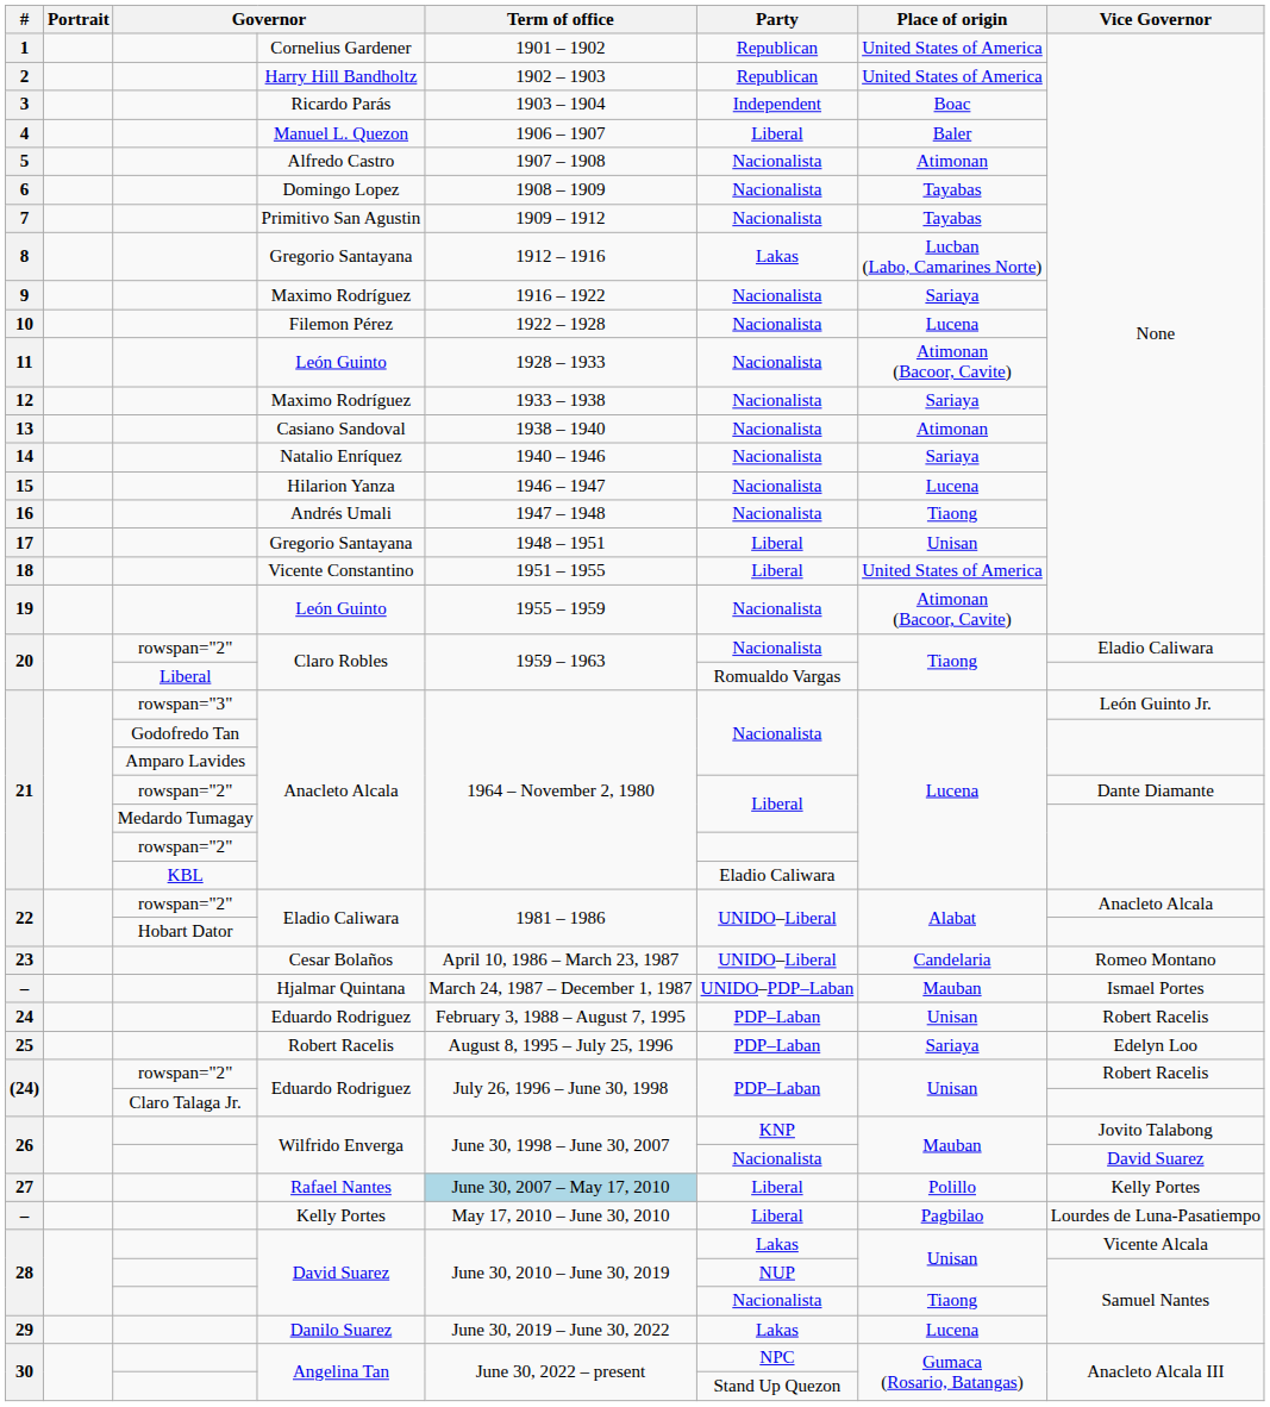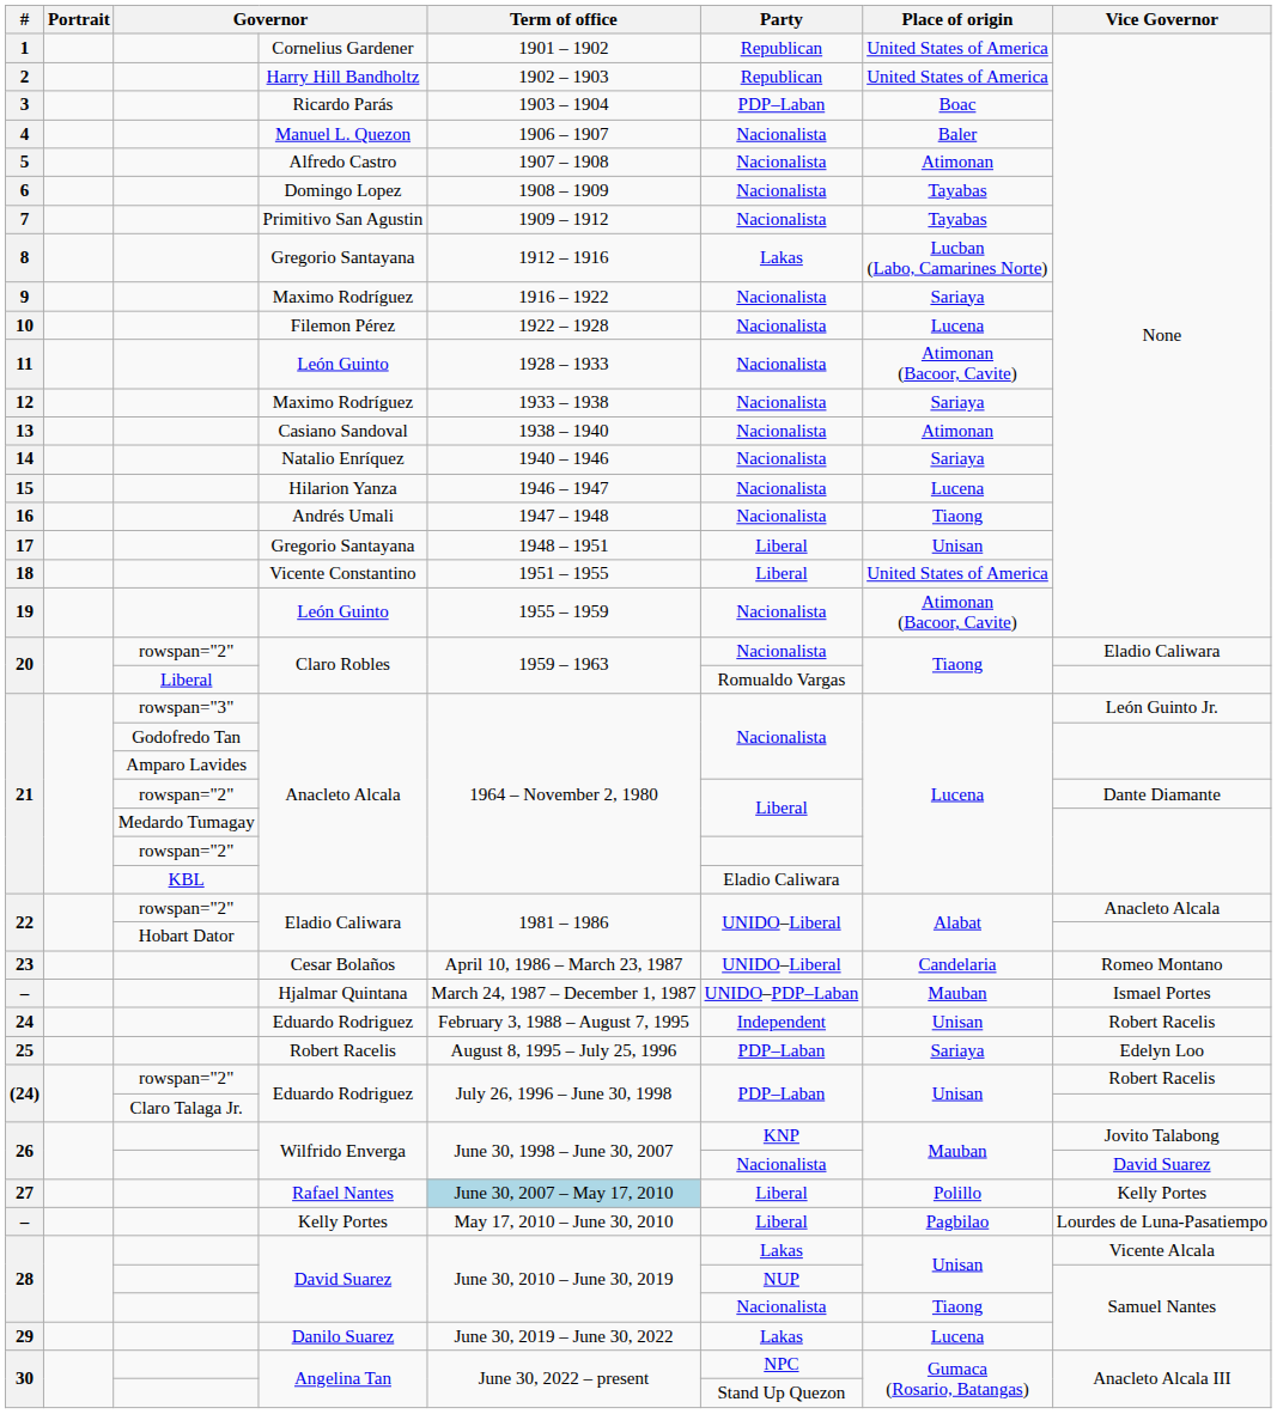 <table class="wikitable" style="text-align: center;">
 <tr>
 <th>#</th>
 <th>Portrait</th>
 <th colspan="2" style="width:110px;">Governor</th>
 <th>Term of office</th>
 <th>Party</th>
 <th>Place of origin</th>
 <th>Vice Governor</th>
 </tr>
 <tr>
 <th>1</th>
 <td></td>
 <td></td>
 <td>Cornelius Gardener</td>
 <td>1901 – 1902</td>
 <td><a href='#'>Republican</a></td>
 <td><a href='#'>United States of America</a></td>
 <td rowspan="19">None</td>
 </tr>
 <tr>
 <th>2</th>
 <td></td>
 <td></td>
 <td><a href='#'>Harry Hill Bandholtz</a></td>
 <td>1902 – 1903</td>
 <td><a href='#'>Republican</a></td>
 <td><a href='#'>United States of America</a></td>
 </tr>
 <tr>
 <th>3</th>
 <td></td>
 <td></td>
 <td>Ricardo Parás</td>
 <td>1903 – 1904</td>
-<td><a href='#'>Independent</a></td>
+<td><a href='#'>PDP–Laban</a></td>
 <td><a href='#'>Boac</a></td>
 </tr>
 <tr>
 <th>4</th>
 <td></td>
 <td></td>
 <td><a href='#'>Manuel L. Quezon</a></td>
 <td>1906 – 1907</td>
-<td><a href='#'>Liberal</a></td>
+<td><a href='#'>Nacionalista</a></td>
 <td><a href='#'>Baler</a></td>
 </tr>
 <tr>
 <th>5</th>
 <td></td>
 <td></td>
 <td>Alfredo Castro</td>
 <td>1907 – 1908</td>
 <td><a href='#'>Nacionalista</a></td>
 <td><a href='#'>Atimonan</a></td>
 </tr>
 <tr>
 <th>6</th>
 <td></td>
 <td></td>
 <td>Domingo Lopez</td>
 <td>1908 – 1909</td>
 <td><a href='#'>Nacionalista</a></td>
 <td><a href='#'>Tayabas</a></td>
 </tr>
 <tr>
 <th>7</th>
 <td></td>
 <td></td>
 <td>Primitivo San Agustin</td>
 <td>1909 – 1912</td>
 <td><a href='#'>Nacionalista</a></td>
 <td><a href='#'>Tayabas</a></td>
 </tr>
 <tr>
 <th>8</th>
 <td></td>
 <td></td>
 <td>Gregorio Santayana</td>
 <td>1912 – 1916</td>
 <td><a href='#'>Lakas</a></td>
 <td><a href='#'>Lucban</a><br> (<a href='#'>Labo, Camarines Norte</a>)</td>
 </tr>
 <tr>
 <th>9</th>
 <td></td>
 <td></td>
 <td>Maximo Rodríguez</td>
 <td>1916 – 1922</td>
 <td><a href='#'>Nacionalista</a></td>
 <td><a href='#'>Sariaya</a></td>
 </tr>
 <tr>
 <th>10</th>
 <td></td>
 <td></td>
 <td>Filemon Pérez</td>
 <td>1922 – 1928</td>
 <td><a href='#'>Nacionalista</a></td>
 <td><a href='#'>Lucena</a></td>
 </tr>
 <tr>
 <th>11</th>
 <td></td>
 <td></td>
 <td><a href='#'>León Guinto</a></td>
 <td>1928 – 1933</td>
 <td><a href='#'>Nacionalista</a></td>
 <td><a href='#'>Atimonan</a><br> (<a href='#'>Bacoor, Cavite</a>)</td>
 </tr>
 <tr>
 <th>12</th>
 <td></td>
 <td></td>
 <td>Maximo Rodríguez</td>
 <td>1933 – 1938</td>
 <td><a href='#'>Nacionalista</a></td>
 <td><a href='#'>Sariaya</a></td>
 </tr>
 <tr>
 <th>13</th>
 <td></td>
 <td></td>
 <td>Casiano Sandoval</td>
 <td>1938 – 1940</td>
 <td><a href='#'>Nacionalista</a></td>
 <td><a href='#'>Atimonan</a></td>
 </tr>
 <tr>
 <th>14</th>
 <td></td>
 <td></td>
 <td>Natalio Enríquez</td>
 <td>1940 – 1946</td>
 <td><a href='#'>Nacionalista</a></td>
 <td><a href='#'>Sariaya</a></td>
 </tr>
 <tr>
 <th>15</th>
 <td></td>
 <td></td>
 <td>Hilarion Yanza</td>
 <td>1946 – 1947</td>
 <td><a href='#'>Nacionalista</a></td>
 <td><a href='#'>Lucena</a></td>
 </tr>
 <tr>
 <th>16</th>
 <td></td>
 <td></td>
 <td>Andrés Umali</td>
 <td>1947 – 1948</td>
 <td><a href='#'>Nacionalista</a></td>
 <td><a href='#'>Tiaong</a></td>
 </tr>
 <tr>
 <th>17</th>
 <td></td>
 <td></td>
 <td>Gregorio Santayana</td>
 <td>1948 – 1951</td>
 <td><a href='#'>Liberal</a></td>
 <td><a href='#'>Unisan</a></td>
 </tr>
 <tr>
 <th>18</th>
 <td></td>
 <td></td>
 <td>Vicente Constantino</td>
 <td>1951 – 1955</td>
 <td><a href='#'>Liberal</a></td>
 <td><a href='#'>United States of America</a></td>
 </tr>
 <tr>
 <th>19</th>
 <td></td>
 <td></td>
 <td><a href='#'>León Guinto</a></td>
 <td>1955 – 1959</td>
 <td><a href='#'>Nacionalista</a></td>
 <td><a href='#'>Atimonan</a> <br> (<a href='#'>Bacoor, Cavite</a>)</td>
 </tr>
 <tr>
 <th rowspan="2">20</th>
 <td rowspan="2"></td>
 <td>rowspan="2" </td>
 <td rowspan="2">Claro Robles</td>
 <td rowspan="2">1959 – 1963</td>
 <td><a href='#'>Nacionalista</a></td>
 <td rowspan="2"><a href='#'>Tiaong</a></td>
 <td>Eladio Caliwara</td>
 </tr>
 <tr>
 <td><a href='#'>Liberal</a></td>
 <td>Romualdo Vargas</td>
 </tr>
 <tr>
 <th rowspan="7">21</th>
 <td rowspan="7"></td>
 <td>rowspan="3" </td>
 <td rowspan="7">Anacleto Alcala</td>
 <td rowspan="7">1964 – November 2, 1980</td>
 <td rowspan="3"><a href='#'>Nacionalista</a></td>
 <td rowspan="7"><a href='#'>Lucena</a></td>
 <td>León Guinto Jr.</td>
 </tr>
 <tr>
 <td>Godofredo Tan</td>
 </tr>
 <tr>
 <td>Amparo Lavides</td>
 </tr>
 <tr>
 <td>rowspan="2" </td>
 <td rowspan="2"><a href='#'>Liberal</a></td>
 <td>Dante Diamante</td>
 </tr>
 <tr>
 <td>Medardo Tumagay</td>
 </tr>
 <tr>
 <td>rowspan="2" </td>
 </tr>
 <tr>
 <td rowspan="1"><a href='#'>KBL</a></td>
 <td>Eladio Caliwara</td>
 </tr>
 <tr>
 <th rowspan="2">22</th>
 <td rowspan="2"></td>
 <td>rowspan="2" </td>
 <td rowspan="2">Eladio Caliwara</td>
 <td rowspan="2">1981 – 1986</td>
 <td rowspan="2"><a href='#'>UNIDO</a>–<a href='#'>Liberal</a></td>
 <td rowspan="2"><a href='#'>Alabat</a></td>
 <td>Anacleto Alcala</td>
 </tr>
 <tr>
 <td>Hobart Dator</td>
 </tr>
 <tr>
 <th>23</th>
 <td></td>
 <td></td>
 <td>Cesar Bolaños</td>
 <td>April 10, 1986 – March 23, 1987</td>
 <td><a href='#'>UNIDO</a>–<a href='#'>Liberal</a></td>
 <td><a href='#'>Candelaria</a></td>
 <td>Romeo Montano</td>
 </tr>
 <tr>
 <th>–</th>
 <td></td>
 <td></td>
 <td>Hjalmar Quintana</td>
 <td>March 24, 1987 – December 1, 1987</td>
 <td><a href='#'>UNIDO</a>–<a href='#'>PDP–Laban</a></td>
 <td><a href='#'>Mauban</a></td>
 <td>Ismael Portes</td>
 </tr>
 <tr>
 <th>24</th>
 <td></td>
 <td></td>
 <td>Eduardo Rodriguez</td>
 <td>February 3, 1988 – August 7, 1995</td>
-<td><a href='#'>PDP–Laban</a></td>
+<td><a href='#'>Independent</a></td>
 <td><a href='#'>Unisan</a></td>
 <td>Robert Racelis</td>
 </tr>
 <tr>
 <th>25</th>
 <td></td>
 <td></td>
 <td>Robert Racelis</td>
 <td>August 8, 1995 – July 25, 1996</td>
 <td><a href='#'>PDP–Laban</a></td>
 <td><a href='#'>Sariaya</a></td>
 <td>Edelyn Loo</td>
 </tr>
 <tr>
 <th rowspan="2">(24)</th>
 <td rowspan="2"></td>
 <td>rowspan="2" </td>
 <td rowspan="2">Eduardo Rodriguez</td>
 <td rowspan="2">July 26, 1996 – June 30, 1998</td>
 <td rowspan="2"><a href='#'>PDP–Laban</a></td>
 <td rowspan="2"><a href='#'>Unisan</a></td>
 <td>Robert Racelis</td>
 </tr>
 <tr>
 <td>Claro Talaga Jr.</td>
 </tr>
 <tr>
 <th rowspan="2">26</th>
 <td rowspan="2"></td>
 <td></td>
 <td rowspan="2">Wilfrido Enverga</td>
 <td rowspan="2">June 30, 1998 – June 30, 2007</td>
 <td><a href='#'>KNP</a></td>
 <td rowspan="2"><a href='#'>Mauban</a></td>
 <td>Jovito Talabong</td>
 </tr>
 <tr>
 <td></td>
 <td><a href='#'>Nacionalista</a></td>
 <td><a href='#'>David Suarez</a></td>
 </tr>
 <tr>
 <th>27</th>
 <td></td>
 <td></td>
 <td><a href='#'>Rafael Nantes</a></td>
 <td style="background: lightblue;">June 30, 2007 – May 17, 2010</td>
 <td><a href='#'>Liberal</a></td>
 <td><a href='#'>Polillo</a></td>
 <td>Kelly Portes</td>
 </tr>
 <tr>
 <th>–</th>
 <td></td>
 <td></td>
 <td>Kelly Portes</td>
 <td>May 17, 2010 – June 30, 2010</td>
 <td><a href='#'>Liberal</a></td>
 <td><a href='#'>Pagbilao</a></td>
 <td>Lourdes de Luna-Pasatiempo</td>
 </tr>
 <tr>
 <th rowspan="3">28</th>
 <td rowspan="3"></td>
 <td></td>
 <td rowspan="3"><a href='#'>David Suarez</a></td>
 <td rowspan="3">June 30, 2010 – June 30, 2019</td>
 <td><a href='#'>Lakas</a></td>
 <td rowspan="2"><a href='#'>Unisan</a></td>
 <td>Vicente Alcala</td>
 </tr>
 <tr>
 <td></td>
 <td><a href='#'>NUP</a></td>
 <td rowspan="3">Samuel Nantes</td>
 </tr>
 <tr>
 <td></td>
 <td><a href='#'>Nacionalista</a></td>
 <td><a href='#'>Tiaong</a></td>
 </tr>
 <tr>
 <th>29</th>
 <td></td>
 <td></td>
 <td><a href='#'>Danilo Suarez</a></td>
 <td>June 30, 2019 – June 30, 2022</td>
 <td><a href='#'>Lakas</a></td>
 <td><a href='#'>Lucena</a></td>
 </tr>
 <tr>
 <th rowspan="2">30</th>
 <td rowspan="2"></td>
 <td></td>
 <td rowspan="2"><a href='#'>Angelina Tan</a></td>
 <td rowspan="2">June 30, 2022 – present</td>
 <td><a href='#'>NPC</a></td>
 <td rowspan="2"><a href='#'>Gumaca</a> <br> (<a href='#'>Rosario, Batangas</a>)</td>
 <td rowspan="2">Anacleto Alcala III</td>
 </tr>
 <tr>
 <td></td>
 <td>Stand Up Quezon</td>
 </tr>
 </table>
